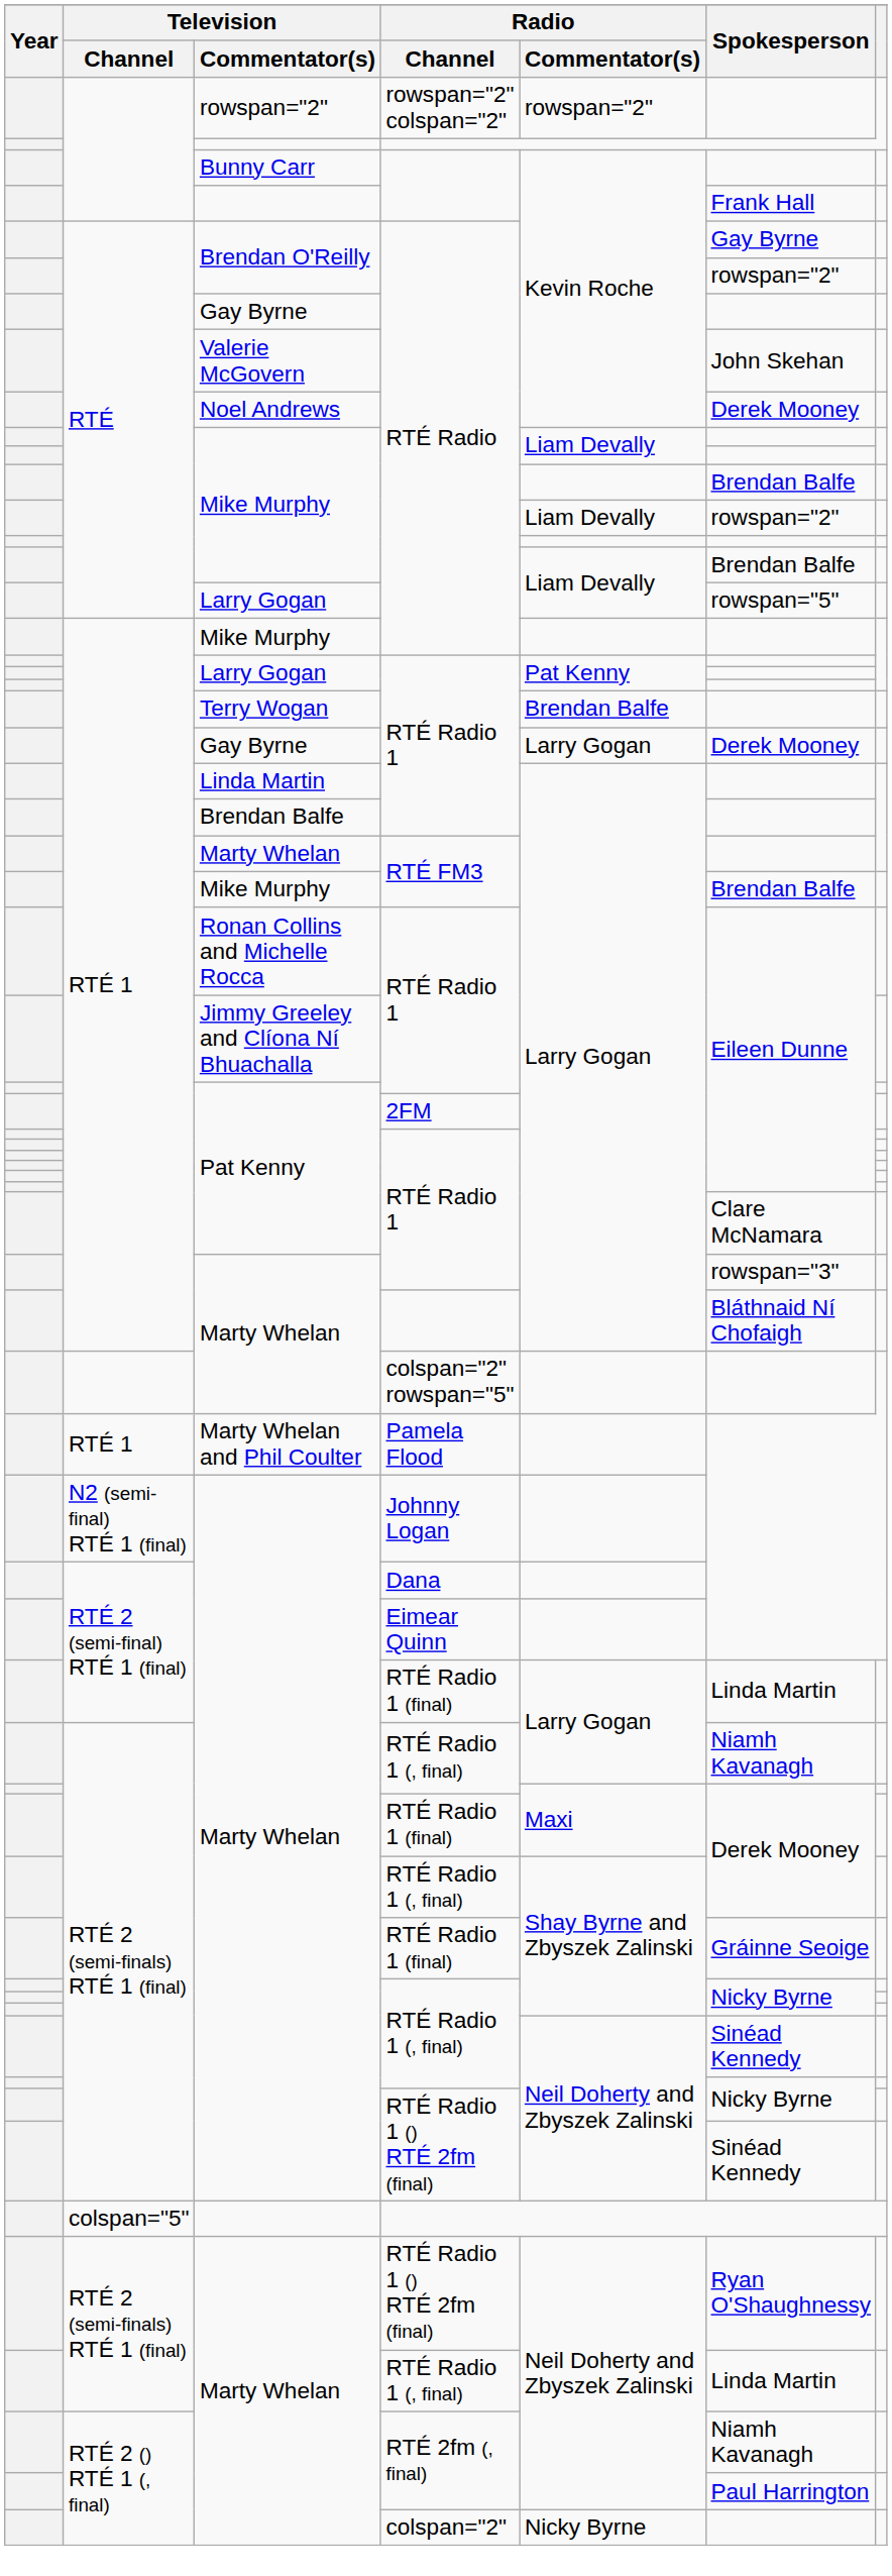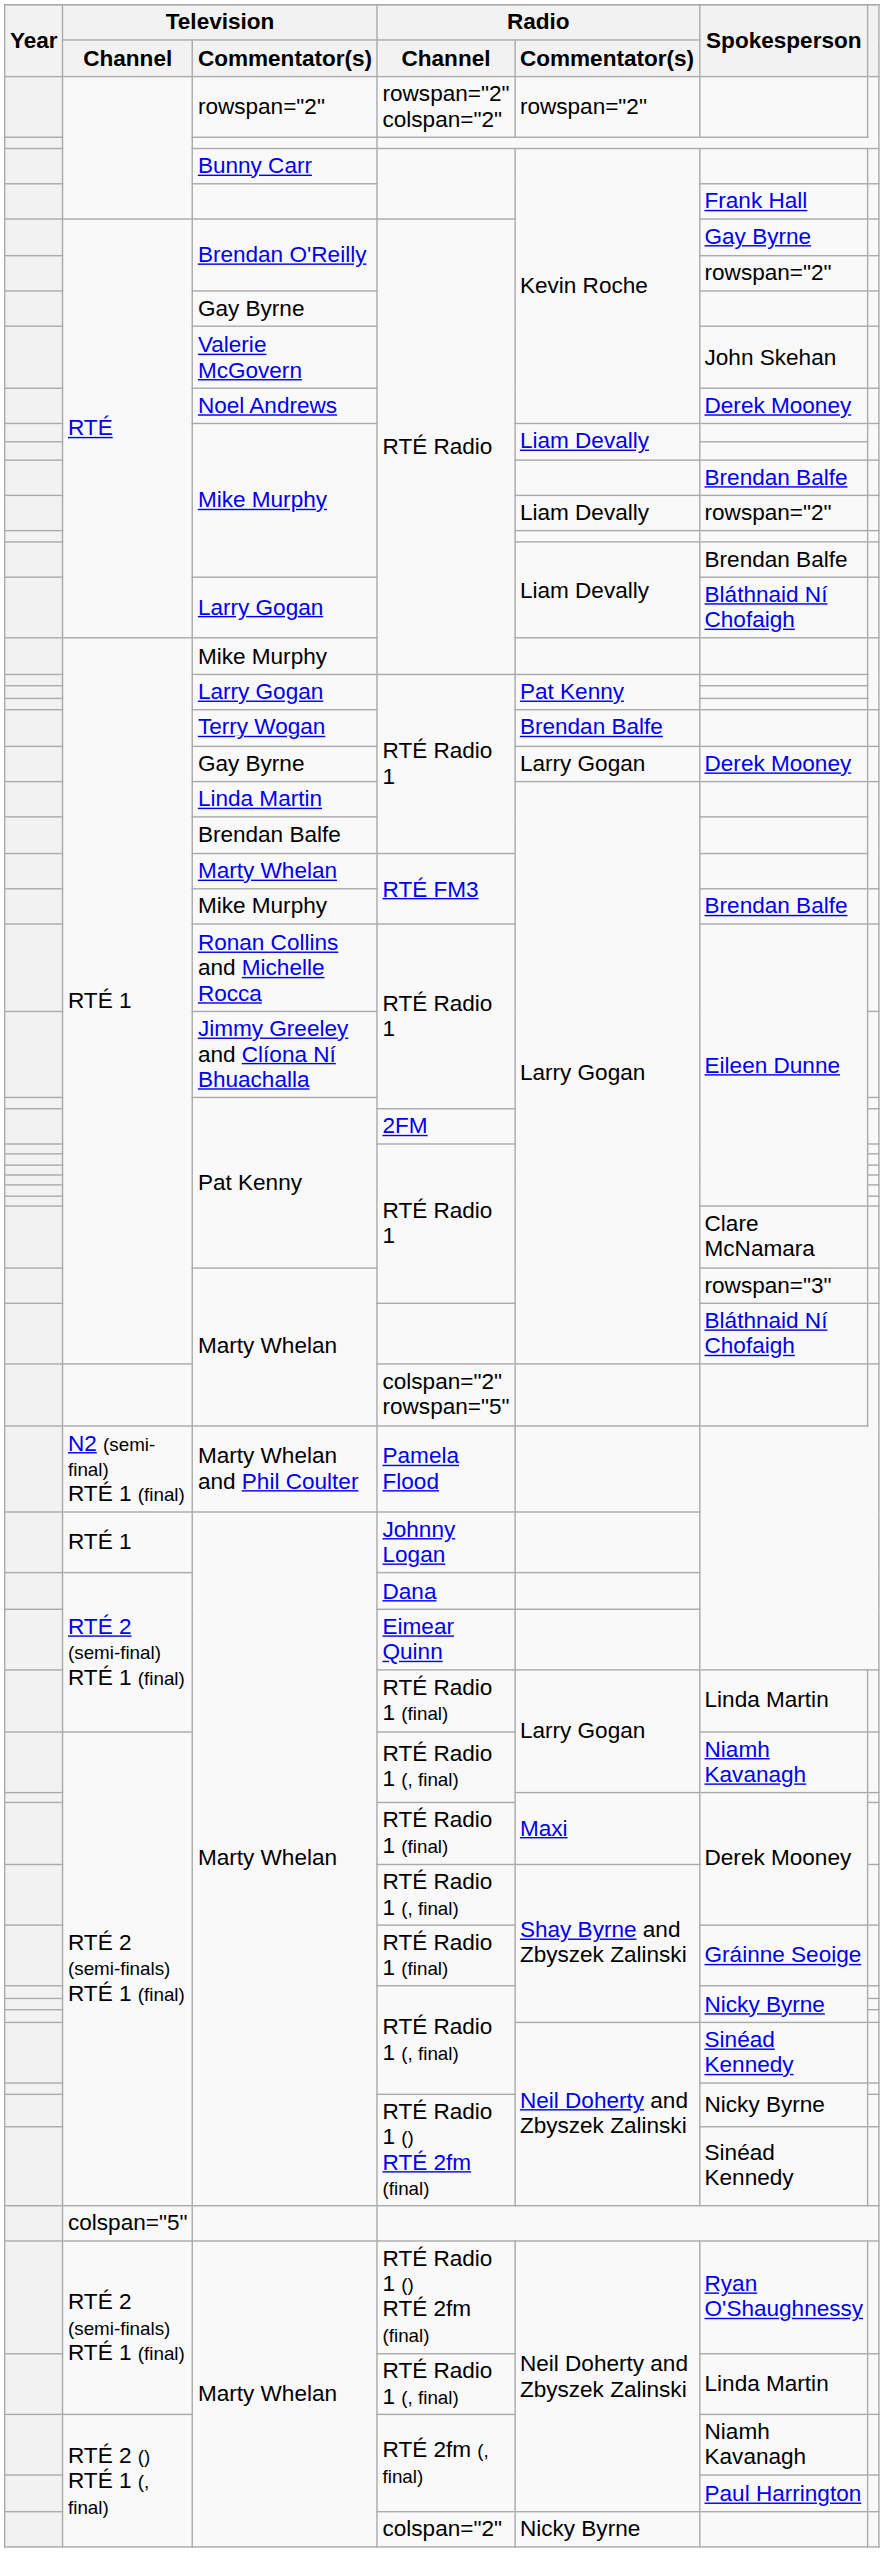 <table class="wikitable plainrowheaders sticky-header" text-align:left;">
 <tr>
 </tr>
 <tr>
 <th rowspan="2">Year</th>
 <th colspan="2">Television</th>
 <th colspan="2">Radio</th>
 <th rowspan="2">Spokesperson</th>
 <th rowspan="2" class="unsortable"></th>
 </tr>
 <tr>
 <th>Channel</th>
 <th>Commentator(s)</th>
 <th>Channel</th>
 <th>Commentator(s)</th>
 </tr>
 <tr>
 <th scope="row"></th>
 <td rowspan="4"></td>
 <td>rowspan="2" </td>
 <td>rowspan="2" colspan="2" </td>
 <td>rowspan="2" </td>
 <td style="text-align:center"></td>
 </tr>
 <tr>
 <th scope="row"></th>
 <td style="text-align:center"></td>
 </tr>
 <tr>
 <th scope="row"></th>
 <td><a href='#'>Bunny Carr</a></td>
 <td rowspan="2"></td>
 <td rowspan="7">Kevin Roche</td>
 <td></td>
 <td style="text-align:center"></td>
 </tr>
 <tr>
 <th scope="row"></th>
 <td></td>
 <td><a href='#'>Frank Hall</a></td>
 <td style="text-align:center"></td>
 </tr>
 <tr>
 <th scope="row"></th>
 <td rowspan="12"><a href='#'>RTÉ</a></td>
 <td rowspan="2"><a href='#'>Brendan O'Reilly</a></td>
 <td rowspan="13">RTÉ Radio</td>
 <td><a href='#'>Gay Byrne</a></td>
 <td style="text-align:center"></td>
 </tr>
 <tr>
 <th scope="row"></th>
 <td>rowspan="2" </td>
 <td style="text-align:center"></td>
 </tr>
 <tr>
 <th scope="row"></th>
 <td>Gay Byrne</td>
 <td style="text-align:center"></td>
 </tr>
 <tr>
 <th scope="row"></th>
 <td><a href='#'>Valerie McGovern</a></td>
 <td>John Skehan</td>
 <td style="text-align:center"></td>
 </tr>
 <tr>
 <th scope="row"></th>
 <td><a href='#'>Noel Andrews</a></td>
 <td><a href='#'>Derek Mooney</a></td>
 <td style="text-align:center"></td>
 </tr>
 <tr>
 <th scope="row"></th>
 <td rowspan="6"><a href='#'>Mike Murphy</a></td>
 <td rowspan="2"><a href='#'>Liam Devally</a></td>
 <td style="text-align:center"></td>
 </tr>
 <tr>
 <th scope="row"></th>
 <td style="text-align:center"></td>
 </tr>
 <tr>
 <th scope="row"></th>
 <td></td>
 <td><a href='#'>Brendan Balfe</a></td>
 <td style="text-align:center"></td>
 </tr>
 <tr>
 <th scope="row"></th>
 <td>Liam Devally</td>
 <td>rowspan="2" </td>
 <td style="text-align:center"></td>
 </tr>
 <tr>
 <th scope="row"></th>
 <td></td>
 <td style="text-align:center"></td>
 </tr>
 <tr>
 <th scope="row"></th>
 <td rowspan="2">Liam Devally</td>
 <td>Brendan Balfe</td>
 <td style="text-align:center"></td>
 </tr>
 <tr>
 <th scope="row"></th>
 <td><a href='#'>Larry Gogan</a></td>
-<td>rowspan="5" </td>
+<td><a href='#'>Bláthnaid Ní Chofaigh</a></td>
 <td style="text-align:center"></td>
 </tr>
 <tr>
 <th scope="row"></th>
 <td rowspan="23">RTÉ 1</td>
 <td>Mike Murphy</td>
 <td></td>
 <td style="text-align:center"></td>
 </tr>
 <tr>
 <th scope="row"></th>
 <td rowspan="3"><a href='#'>Larry Gogan</a></td>
 <td rowspan="7">RTÉ Radio 1</td>
 <td rowspan="3"><a href='#'>Pat Kenny</a></td>
 <td style="text-align:center"></td>
 </tr>
 <tr>
 <th scope="row"></th>
 <td style="text-align:center"></td>
 </tr>
 <tr>
 <th scope="row"></th>
 <td style="text-align:center"></td>
 </tr>
 <tr>
 <th scope="row"></th>
 <td><a href='#'>Terry Wogan</a></td>
 <td><a href='#'>Brendan Balfe</a></td>
 <td></td>
 <td style="text-align:center"></td>
 </tr>
 <tr>
 <th scope="row"></th>
 <td>Gay Byrne</td>
 <td>Larry Gogan</td>
 <td><a href='#'>Derek Mooney</a></td>
 <td style="text-align:center"></td>
 </tr>
 <tr>
 <th scope="row"></th>
 <td><a href='#'>Linda Martin</a></td>
 <td rowspan="17">Larry Gogan</td>
 <td style="text-align:center"></td>
 </tr>
 <tr>
 <th scope="row"></th>
 <td>Brendan Balfe</td>
 <td style="text-align:center"></td>
 </tr>
 <tr>
 <th scope="row"></th>
 <td><a href='#'>Marty Whelan</a></td>
 <td rowspan="2"><a href='#'>RTÉ FM3</a></td>
 <td style="text-align:center"></td>
 </tr>
 <tr>
 <th scope="row"></th>
 <td>Mike Murphy</td>
 <td><a href='#'>Brendan Balfe</a></td>
 <td style="text-align:center"></td>
 </tr>
 <tr>
 <th scope="row"></th>
 <td><a href='#'>Ronan Collins</a> and <a href='#'>Michelle Rocca</a></td>
 <td rowspan="3">RTÉ Radio 1</td>
 <td rowspan="10"><a href='#'>Eileen Dunne</a></td>
 <td style="text-align:center"></td>
 </tr>
 <tr>
 <th scope="row"></th>
 <td><a href='#'>Jimmy Greeley</a> and <a href='#'>Clíona Ní Bhuachalla</a></td>
 <td style="text-align:center"></td>
 </tr>
 <tr>
 <th scope="row"></th>
 <td rowspan="9">Pat Kenny</td>
 <td style="text-align:center"></td>
 </tr>
 <tr>
 <th scope="row"></th>
 <td><a href='#'>2FM</a></td>
 <td style="text-align:center"></td>
 </tr>
 <tr>
 <th scope="row"></th>
 <td rowspan="8">RTÉ Radio 1</td>
 <td style="text-align:center"></td>
 </tr>
 <tr>
 <th scope="row"></th>
 <td style="text-align:center"></td>
 </tr>
 <tr>
 <th scope="row"></th>
 <td style="text-align:center"></td>
 </tr>
 <tr>
 <th scope="row"></th>
 <td style="text-align:center"></td>
 </tr>
 <tr>
 <th scope="row"></th>
 <td style="text-align:center"></td>
 </tr>
 <tr>
 <th scope="row"></th>
 <td style="text-align:center"></td>
 </tr>
 <tr>
 <th scope="row"></th>
 <td>Clare McNamara</td>
 <td style="text-align:center"></td>
 </tr>
 <tr>
 <th scope="row"></th>
 <td rowspan="3">Marty Whelan</td>
 <td>rowspan="3" </td>
 <td style="text-align:center"></td>
 </tr>
 <tr>
 <th scope="row"></th>
 <td></td>
 <td><a href='#'>Bláthnaid Ní Chofaigh</a></td>
 <td></td>
 </tr>
 <tr>
 <th scope="row"></th>
 <td></td>
 <td>colspan="2" rowspan="5" </td>
 <td></td>
 <td></td>
 </tr>
 <tr>
 <th scope="row"></th>
-<td>RTÉ 1</td>
+<td><a href='#'>N2</a> <small>(semi-final)</small><br>RTÉ 1 <small>(final)</small></td>
 <td>Marty Whelan and <a href='#'>Phil Coulter</a></td>
 <td><a href='#'>Pamela Flood</a></td>
 <td></td>
 </tr>
 <tr>
 <th scope="row"></th>
-<td><a href='#'>N2</a> <small>(semi-final)</small><br>RTÉ 1 <small>(final)</small></td>
+<td>RTÉ 1</td>
 <td rowspan="16">Marty Whelan</td>
 <td><a href='#'>Johnny Logan</a></td>
 <td></td>
 </tr>
 <tr>
 <th scope="row"></th>
 <td rowspan="3"><a href='#'>RTÉ 2</a> <small>(semi-final)</small><br>RTÉ 1 <small>(final)</small></td>
 <td><a href='#'>Dana</a></td>
 <td></td>
 </tr>
 <tr>
 <th scope="row"></th>
 <td><a href='#'>Eimear Quinn</a></td>
 <td></td>
 </tr>
 <tr>
 <th scope="row"></th>
 <td>RTÉ Radio 1 <small>(final)</small></td>
 <td rowspan="2">Larry Gogan</td>
 <td>Linda Martin</td>
 <td></td>
 </tr>
 <tr>
 <th scope="row"></th>
 <td rowspan="12">RTÉ 2 <small>(semi-finals)</small><br>RTÉ 1 <small>(final)</small></td>
 <td rowspan="2">RTÉ Radio 1 <small>(, final)</small></td>
 <td><a href='#'>Niamh Kavanagh</a></td>
 <td></td>
 </tr>
 <tr>
 <th scope="row"></th>
 <td rowspan="2"><a href='#'>Maxi</a></td>
 <td rowspan="3">Derek Mooney</td>
 <td></td>
 </tr>
 <tr>
 <th scope="row"></th>
 <td>RTÉ Radio 1 <small>(final)</small></td>
 <td></td>
 </tr>
 <tr>
 <th scope="row"></th>
 <td>RTÉ Radio 1 <small>(, final)</small></td>
 <td rowspan="5"><a href='#'>Shay Byrne</a> and Zbyszek Zalinski</td>
 <td></td>
 </tr>
 <tr>
 <th scope="row"></th>
 <td>RTÉ Radio 1 <small>(final)</small></td>
 <td><a href='#'>Gráinne Seoige</a></td>
 <td></td>
 </tr>
 <tr>
 <th scope="row"></th>
 <td rowspan="5">RTÉ Radio 1 <small>(, final)</small></td>
 <td rowspan="3"><a href='#'>Nicky Byrne</a></td>
 <td></td>
 </tr>
 <tr>
 <th scope="row"></th>
 <td></td>
 </tr>
 <tr>
 <th scope="row"></th>
 <td></td>
 </tr>
 <tr>
 <th scope="row"></th>
 <td rowspan="4"><a href='#'>Neil Doherty</a> and Zbyszek Zalinski</td>
 <td><a href='#'>Sinéad Kennedy</a></td>
 <td></td>
 </tr>
 <tr>
 <th scope="row"></th>
 <td rowspan="2">Nicky Byrne</td>
 <td></td>
 </tr>
 <tr>
 <th scope="row"></th>
 <td rowspan="2">RTÉ Radio 1 <small>()</small><br><a href='#'>RTÉ 2fm</a> <small>(final)</small></td>
 <td></td>
 </tr>
 <tr>
 <th scope="row"></th>
 <td>Sinéad Kennedy</td>
 <td></td>
 </tr>
 <tr>
 <th scope="row"></th>
 <td>colspan="5" </td>
 <td></td>
 </tr>
 <tr>
 <th scope="row"></th>
 <td rowspan="2">RTÉ 2 <small>(semi-finals)</small><br>RTÉ 1 <small>(final)</small></td>
 <td rowspan="5">Marty Whelan</td>
 <td>RTÉ Radio 1 <small>()</small><br>RTÉ 2fm <small>(final)</small></td>
 <td rowspan="4">Neil Doherty and Zbyszek Zalinski</td>
 <td><a href='#'>Ryan O'Shaughnessy</a></td>
 <td></td>
 </tr>
 <tr>
 <th scope="row"></th>
 <td>RTÉ Radio 1 <small>(, final)</small></td>
 <td>Linda Martin</td>
 <td></td>
 </tr>
 <tr>
 <th scope="row"></th>
 <td rowspan="3">RTÉ 2 <small>()</small><br>RTÉ 1 <small>(, final)</small></td>
 <td rowspan="2">RTÉ 2fm <small>(, final)</small></td>
 <td>Niamh Kavanagh</td>
 <td></td>
 </tr>
 <tr>
 <th scope="row"></th>
 <td><a href='#'>Paul Harrington</a></td>
 <td></td>
 </tr>
 <tr>
 <th scope="row"></th>
 <td>colspan="2" </td>
 <td>Nicky Byrne</td>
 <td></td>
 </tr>
 </table>
